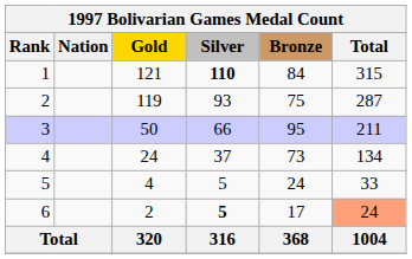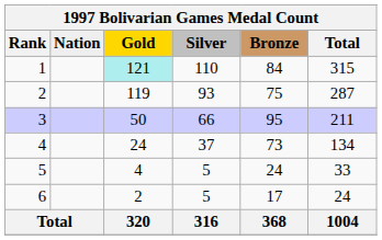 <table class="wikitable" border="2" style="text-align:center">
 <tr>
 <th colspan=6>1997 Bolivarian Games Medal Count</th>
 </tr>
 <tr bgcolor="#efefef">
 <th>Rank</th>
 <td align=left><strong>Nation</strong></td>
 <td bgcolor="gold" align=center width=60><strong>Gold</strong></td>
 <td bgcolor="silver" align=center width=60><strong>Silver</strong></td>
 <td bgcolor="CC9966" align=center width=60><strong>Bronze</strong></td>
 <th width=60>Total</th>
 </tr>
 <tr>
 <td align=right>1</td>
 <td align=left></td>
-<td>121</td>
-<td><strong>110</strong></td>
+<td style="background: paleturquoise;">121</td>
+<td>110</td>
 <td>84</td>
 <td>315</td>
 </tr>
 <tr>
 <td align=right>2</td>
 <td align=left></td>
 <td>119</td>
 <td>93</td>
 <td>75</td>
 <td>287</td>
 </tr>
 <tr style="background:#ccccff">
 <td align=right>3</td>
 <td align=left></td>
 <td>50</td>
 <td>66</td>
 <td>95</td>
 <td>211</td>
 </tr>
 <tr>
 <td align=right>4</td>
 <td align=left></td>
 <td>24</td>
 <td>37</td>
 <td>73</td>
 <td>134</td>
 </tr>
 <tr>
 <td align=right>5</td>
 <td align=left></td>
 <td>4</td>
 <td>5</td>
 <td>24</td>
 <td>33</td>
 </tr>
 <tr>
 <td align=right>6</td>
 <td align=left></td>
 <td>2</td>
-<td><strong>5</strong></td>
+<td>5</td>
 <td>17</td>
-<td style="background: lightsalmon;">24</td>
+<td>24</td>
 </tr>
 <tr>
 <th colspan="2">Total</th>
 <th>320</th>
 <th>316</th>
 <th>368</th>
 <th>1004</th>
 </tr>
 <tr>
 </tr>
 </table>
